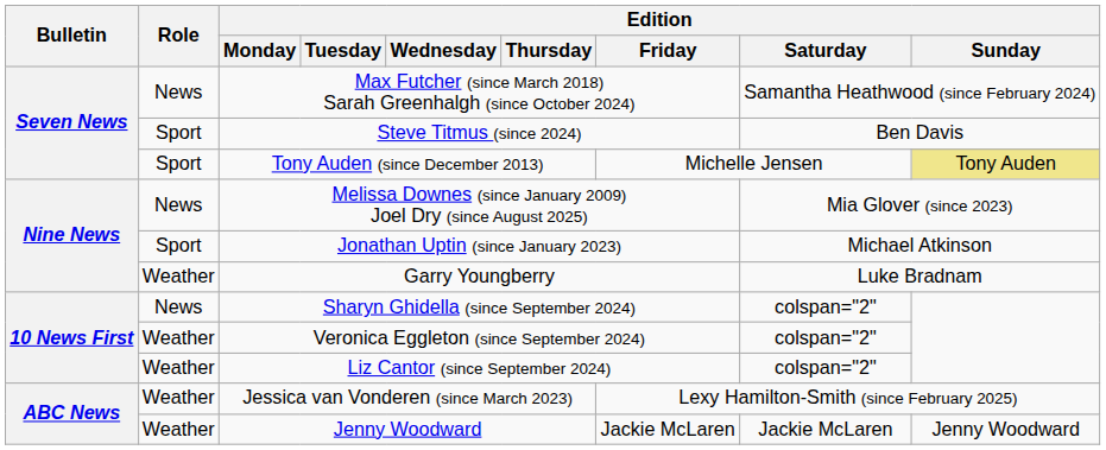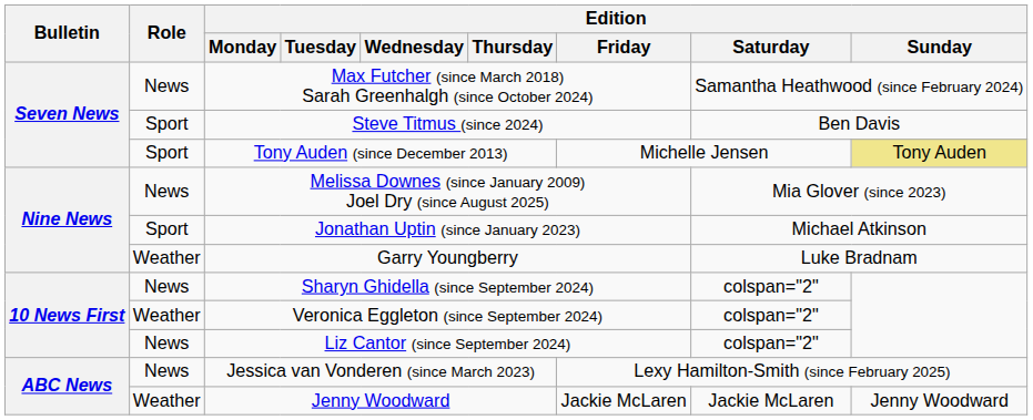 <table class="wikitable plainrowheaders"  style="text-align:center;">
 <tr>
 <th scope="col" rowspan="2">Bulletin</th>
 <th scope="col" rowspan="2">Role</th>
 <th scope="col" colspan="7">Edition</th>
 </tr>
 <tr>
 <th scope="col">Monday</th>
 <th scope="col">Tuesday</th>
 <th scope="col">Wednesday</th>
 <th scope="col">Thursday</th>
 <th scope="col">Friday</th>
 <th scope="col">Saturday</th>
 <th scope="col">Sunday</th>
 </tr>
 <tr>
 <th scope="row" rowspan="3"><em><a href='#'>Seven News</a></em></th>
 <td>News</td>
 <td colspan="5"><a href='#'>Max Futcher</a> <small>(since March 2018)</small><br>Sarah Greenhalgh <small>(since October 2024)</small></td>
 <td colspan="2">Samantha Heathwood <small>(since February 2024)</small></td>
 </tr>
 <tr>
 <td>Sport</td>
 <td colspan="5"><a href='#'>Steve Titmus </a> <small>(since 2024)</small></td>
 <td colspan="2">Ben Davis</td>
 </tr>
 <tr>
 <td>Sport</td>
 <td colspan="4"><a href='#'>Tony Auden</a> <small>(since December 2013)</small></td>
 <td colspan="2">Michelle Jensen</td>
 <td style="background: khaki;">Tony Auden</td>
 </tr>
 <tr>
 <th scope="row" rowspan="3"><em><a href='#'>Nine News</a></em></th>
 <td>News</td>
 <td colspan="5"><a href='#'>Melissa Downes</a> <small>(since January 2009)</small> <br>Joel Dry <small>(since August 2025)</small></td>
 <td colspan="2">Mia Glover <small>(since 2023)</small></td>
 </tr>
 <tr>
 <td>Sport</td>
 <td colspan="5"><a href='#'>Jonathan Uptin</a> <small>(since January 2023)</small></td>
 <td colspan="2">Michael Atkinson</td>
 </tr>
 <tr>
 <td>Weather</td>
 <td colspan="5">Garry Youngberry</td>
 <td colspan="2">Luke Bradnam</td>
 </tr>
 <tr>
 <th scope="row" rowspan="3"><em><a href='#'>10 News First</a></em></th>
 <td>News</td>
 <td colspan="5"><a href='#'>Sharyn Ghidella</a> <small>(since September 2024)</small></td>
 <td>colspan="2" </td>
 </tr>
 <tr>
 <td>Weather</td>
 <td colspan="5">Veronica Eggleton <small>(since September 2024)</small></td>
 <td>colspan="2" </td>
 </tr>
 <tr>
-<td>Weather</td>
+<td>News</td>
 <td colspan="5"><a href='#'>Liz Cantor</a> <small>(since September 2024)</small></td>
 <td>colspan="2" </td>
 </tr>
 <tr>
 <th scope="row" rowspan="3"><em><a href='#'>ABC News</a></em></th>
-<td>Weather</td>
+<td>News</td>
 <td colspan="4">Jessica van Vonderen <small>(since March 2023)</small></td>
 <td colspan="3">Lexy Hamilton-Smith <small>(since February 2025)</small></td>
 </tr>
 <tr>
 <td>Weather</td>
 <td colspan="4"><a href='#'>Jenny Woodward</a></td>
 <td>Jackie McLaren</td>
 <td>Jackie McLaren</td>
 <td>Jenny Woodward</td>
 </tr>
 </table>
